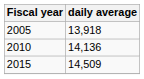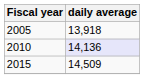 <table class="wikitable">
 <tr>
 <th>Fiscal year</th>
 <th>daily average</th>
 </tr>
 <tr>
 <td>2005</td>
 <td>13,918</td>
 </tr>
 <tr>
 <td>2010</td>
-<td>14,136</td>
+<td style="background: lavender;">14,136</td>
 </tr>
 <tr>
 <td>2015</td>
 <td>14,509</td>
 </tr>
 <tr>
 </tr>
 </table>
